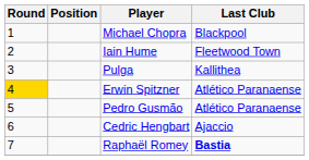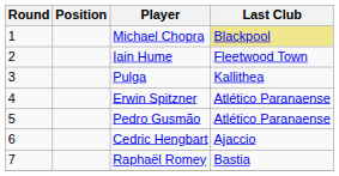 <table class="wikitable">
 <tr>
 <th>Round</th>
 <th>Position</th>
 <th>Player</th>
 <th>Last Club</th>
 </tr>
 <tr>
 <td>1</td>
 <td></td>
 <td> <a href='#'>Michael Chopra</a></td>
-<td> <a href='#'>Blackpool</a></td>
+<td style="background: khaki;"> <a href='#'>Blackpool</a></td>
 </tr>
 <tr>
 <td>2</td>
 <td></td>
 <td> <a href='#'>Iain Hume</a></td>
 <td> <a href='#'>Fleetwood Town</a></td>
 </tr>
 <tr>
 <td>3</td>
 <td></td>
 <td> <a href='#'>Pulga</a></td>
 <td> <a href='#'>Kallithea</a></td>
 </tr>
 <tr>
-<td style="background: gold;">4</td>
+<td>4</td>
 <td></td>
 <td> <a href='#'>Erwin Spitzner</a></td>
 <td> <a href='#'>Atlético Paranaense</a></td>
 </tr>
 <tr>
 <td>5</td>
 <td></td>
 <td> <a href='#'>Pedro Gusmão</a></td>
 <td> <a href='#'>Atlético Paranaense</a></td>
 </tr>
 <tr>
 <td>6</td>
 <td></td>
 <td> <a href='#'>Cedric Hengbart</a></td>
 <td> <a href='#'>Ajaccio</a></td>
 </tr>
 <tr>
 <td>7</td>
 <td></td>
 <td> <a href='#'>Raphaël Romey</a></td>
-<td><strong> <a href='#'>Bastia</a></strong></td>
+<td> <a href='#'>Bastia</a></td>
 </tr>
 <tr>
 </tr>
 </table>
